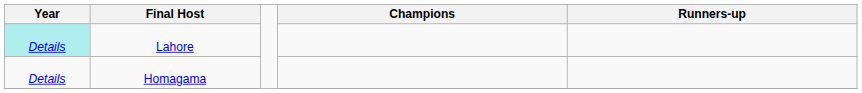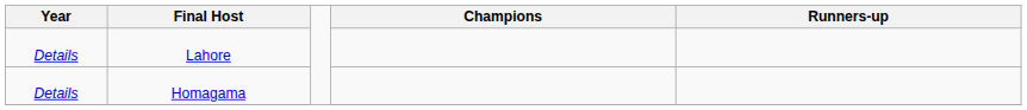 <table class="wikitable" style="font-size:90%; text-align: center;">
 <tr>
 <th width=5%>Year</th>
 <th width=10%>Final Host</th>
 <td width=1% rowspan=100 style="border-top:none;border-bottom:none;"></td>
 <th width=17%>Champions </th>
 <th width=17%>Runners-up </th>
 </tr>
 <tr>
-<td style="background: paleturquoise;"><br><em><a href='#'>Details</a></em></td>
+<td><br><em><a href='#'>Details</a></em></td>
 <td><br><a href='#'>Lahore</a></td>
 <td><strong></strong></td>
 <td></td>
 </tr>
 <tr>
 <td><br><em><a href='#'>Details</a></em></td>
 <td><br><a href='#'>Homagama</a></td>
 <td></td>
 <td></td>
 </tr>
 <tr style="background: #D0E6FF;">
 </tr>
 </table>
